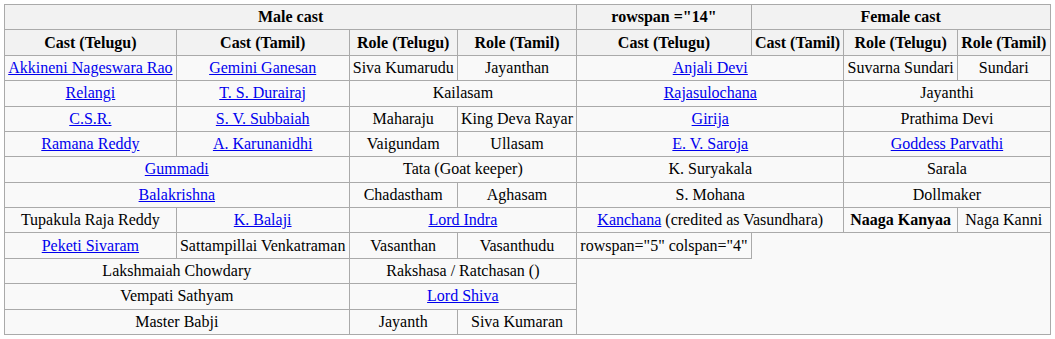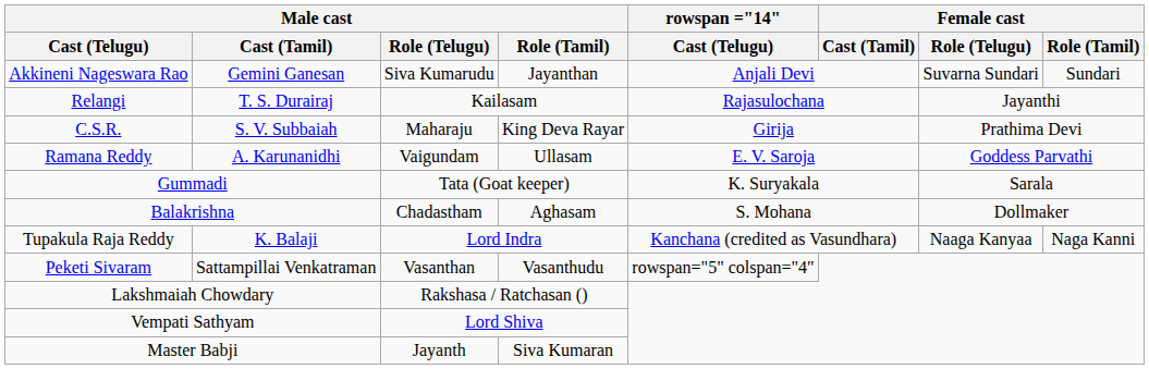 <table class="wikitable">
 <tr>
 <th colspan="4">Male cast</th>
 <th>rowspan ="14" </th>
 <th colspan="4">Female cast</th>
 </tr>
 <tr>
 <th>Cast (Telugu)</th>
 <th>Cast (Tamil)</th>
 <th>Role (Telugu)</th>
 <th>Role (Tamil)</th>
 <th>Cast (Telugu)</th>
 <th>Cast (Tamil)</th>
 <th>Role (Telugu)</th>
 <th>Role (Tamil)</th>
 </tr>
 <tr>
 <td style="text-align:center;"><a href='#'>Akkineni Nageswara Rao</a></td>
 <td style="text-align:center;"><a href='#'>Gemini Ganesan</a></td>
 <td style="text-align:center;">Siva Kumarudu</td>
 <td style="text-align:center;">Jayanthan</td>
 <td colspan="2" style="text-align:center;"><a href='#'>Anjali Devi</a></td>
 <td style="text-align:center;">Suvarna Sundari</td>
 <td style="text-align:center;">Sundari</td>
 </tr>
 <tr>
 <td style="text-align:center;"><a href='#'>Relangi</a></td>
 <td style="text-align:center;"><a href='#'>T. S. Durairaj</a></td>
 <td colspan="2" style="text-align:center;">Kailasam</td>
 <td colspan="2" style="text-align:center;"><a href='#'>Rajasulochana</a></td>
 <td colspan="2" style="text-align:center;">Jayanthi</td>
 </tr>
 <tr>
 <td style="text-align:center;"><a href='#'>C.S.R.</a></td>
 <td style="text-align:center;"><a href='#'>S. V. Subbaiah</a></td>
 <td style="text-align:center;">Maharaju</td>
 <td style="text-align:center;">King Deva Rayar</td>
 <td colspan="2" style="text-align:center;"><a href='#'>Girija</a></td>
 <td colspan="2" style="text-align:center;">Prathima Devi</td>
 </tr>
 <tr>
 <td style="text-align:center;"><a href='#'>Ramana Reddy</a></td>
 <td style="text-align:center;"><a href='#'>A. Karunanidhi</a></td>
 <td style="text-align:center;">Vaigundam</td>
 <td style="text-align:center;">Ullasam</td>
 <td colspan="2" style="text-align:center;"><a href='#'>E. V. Saroja</a></td>
 <td colspan="2" style="text-align:center;"><a href='#'>Goddess Parvathi</a></td>
 </tr>
 <tr>
 <td colspan="2" style="text-align:center;"><a href='#'>Gummadi</a></td>
 <td colspan="2" style="text-align:center;">Tata (Goat keeper)</td>
 <td colspan="2" style="text-align:center;">K. Suryakala</td>
 <td colspan="2" style="text-align:center;">Sarala</td>
 </tr>
 <tr>
 <td colspan="2" style="text-align:center;"><a href='#'>Balakrishna</a></td>
 <td style="text-align:center;">Chadastham</td>
 <td style="text-align:center;">Aghasam</td>
 <td colspan="2" style="text-align:center;">S. Mohana</td>
 <td colspan="2" style="text-align:center;">Dollmaker</td>
 </tr>
 <tr>
 <td style="text-align:center;">Tupakula Raja Reddy</td>
 <td style="text-align:center;"><a href='#'>K. Balaji</a></td>
 <td colspan="2" style="text-align:center;"><a href='#'>Lord Indra</a></td>
 <td colspan="2" style="text-align:center;"><a href='#'>Kanchana</a>  (credited as Vasundhara)</td>
-<td style="text-align:center;"><strong>Naaga Kanyaa</strong></td>
+<td style="text-align:center;">Naaga Kanyaa</td>
 <td style="text-align:center;">Naga Kanni</td>
 </tr>
 <tr>
 <td style="text-align:center;"><a href='#'>Peketi Sivaram</a></td>
 <td style="text-align:center;">Sattampillai Venkatraman</td>
 <td style="text-align:center;">Vasanthan</td>
 <td style="text-align:center;">Vasanthudu</td>
 <td>rowspan="5" colspan="4" </td>
 </tr>
 <tr>
 <td colspan="2" style="text-align:center;">Lakshmaiah Chowdary</td>
 <td colspan="2" style="text-align:center;">Rakshasa / Ratchasan ()</td>
 </tr>
 <tr>
 <td colspan="2" style="text-align:center;">Vempati Sathyam</td>
 <td colspan="2" style="text-align:center;"><a href='#'>Lord Shiva</a></td>
 </tr>
 <tr>
 <td colspan="2" style="text-align:center;">Master Babji</td>
 <td style="text-align:center;">Jayanth</td>
 <td style="text-align:center;">Siva Kumaran</td>
 </tr>
 </table>
